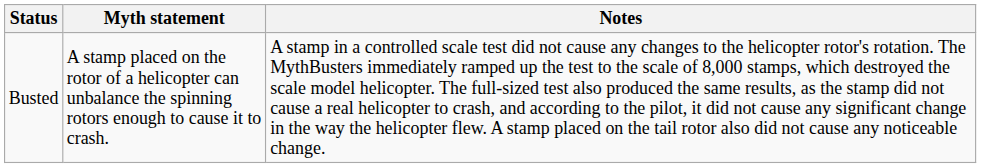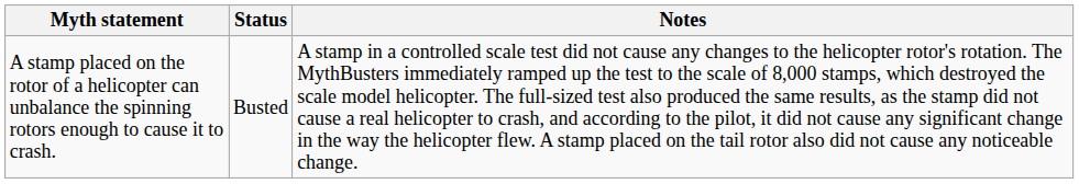 <table class="wikitable plainrowheaders">
 <tr>
+<th>Myth statement</th>
 <th>Status</th>
-<th>Myth statement</th>
 <th>Notes</th>
 </tr>
 <tr>
+<td>A stamp placed on the rotor of a helicopter can unbalance the spinning rotors enough to cause it to crash.</td>
 <td><span>Busted</span></td>
-<td>A stamp placed on the rotor of a helicopter can unbalance the spinning rotors enough to cause it to crash.</td>
 <td>A stamp in a controlled scale test did not cause any changes to the helicopter rotor's rotation. The MythBusters immediately ramped up the test to the scale of 8,000 stamps, which destroyed the scale model helicopter. The full-sized test also produced the same results, as the stamp did not cause a real helicopter to crash, and according to the pilot, it did not cause any significant change in the way the helicopter flew. A stamp placed on the tail rotor also did not cause any noticeable change.</td>
 </tr>
 </table>
